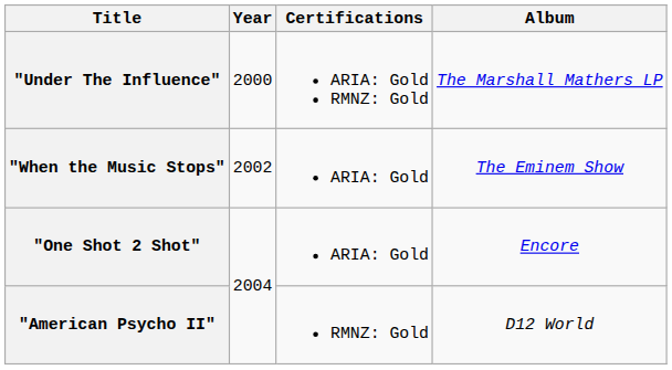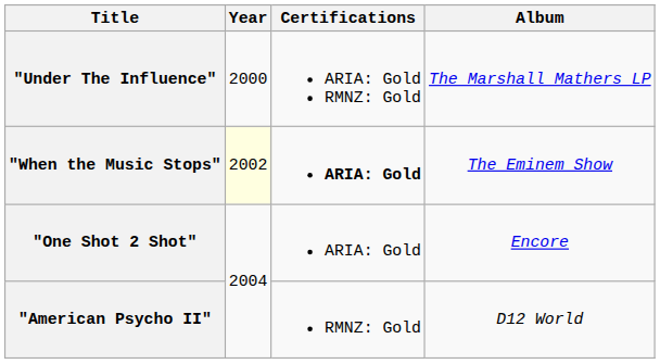 <table class="wikitable plainrowheaders" style="text-align:center;" border="1">
 <tr>
 <th scope="col">Title</th>
 <th scope="col">Year</th>
 <th scope="col">Certifications</th>
 <th scope="col">Album</th>
 </tr>
 <tr>
 <th scope="row">"Under The Influence"<br></th>
 <td>2000</td>
 <td><br><ul><li>ARIA: Gold</li><li>RMNZ: Gold</li></ul></td>
 <td><em><a href='#'>The Marshall Mathers LP</a></em></td>
 </tr>
 <tr>
 <th scope="row">"When the Music Stops"<br></th>
-<td>2002</td>
-<td><br><ul><li>ARIA: Gold</li></ul></td>
+<td style="background: lightyellow;">2002</td>
+<td><strong><br><ul><li>ARIA: Gold</li></ul></strong></td>
 <td><em><a href='#'>The Eminem Show</a></em></td>
 </tr>
 <tr>
 <th scope="row">"One Shot 2 Shot"<br></th>
 <td rowspan="2">2004</td>
 <td><br><ul><li>ARIA: Gold</li></ul></td>
 <td><em><a href='#'>Encore</a></em></td>
 </tr>
 <tr>
 <th scope="row">"American Psycho II"<br></th>
 <td><br><ul><li>RMNZ: Gold</li></ul></td>
 <td><em>D12 World</em></td>
 </tr>
 </table>
